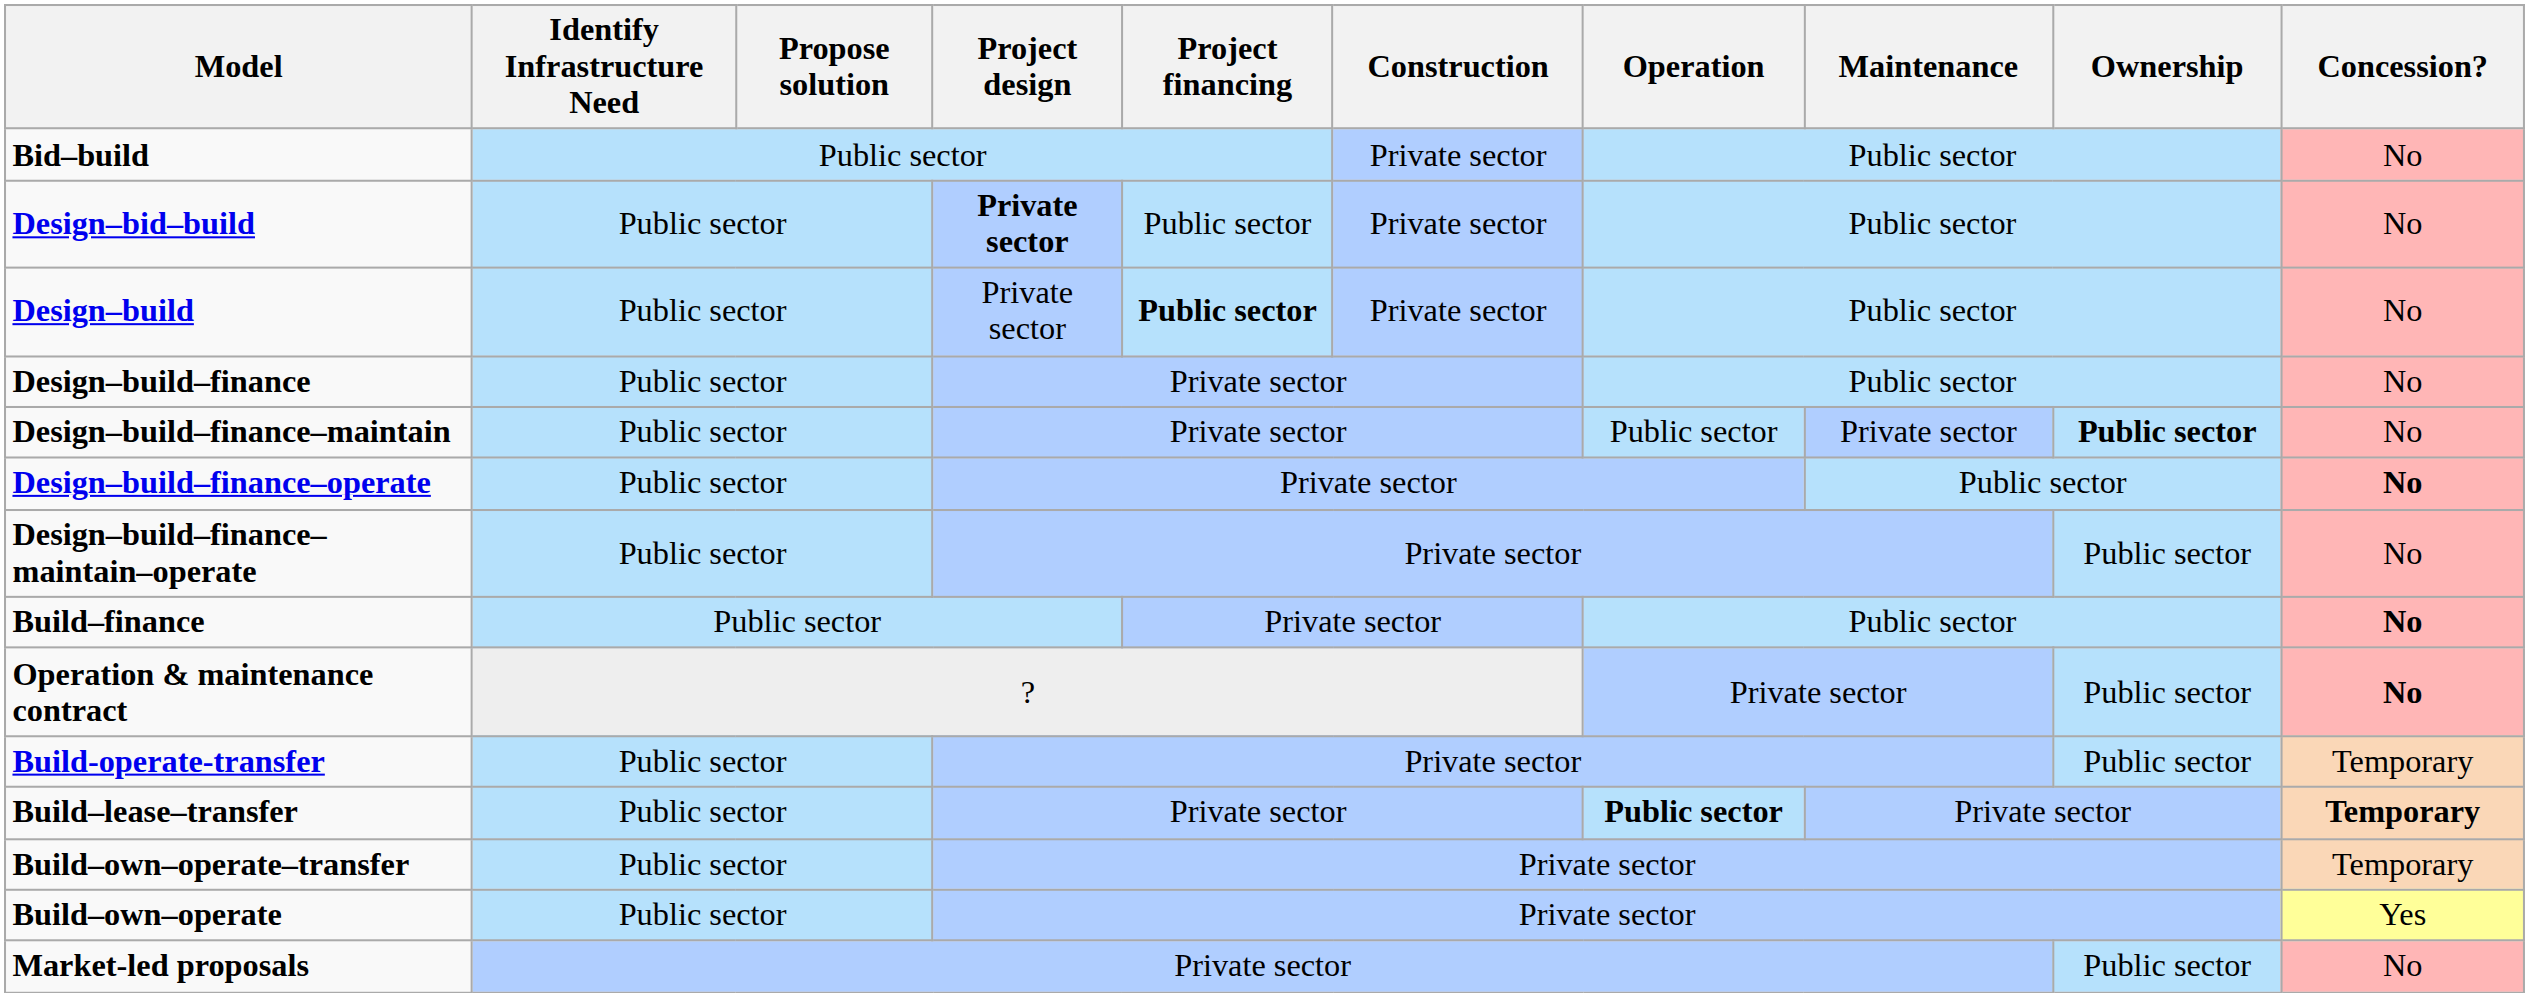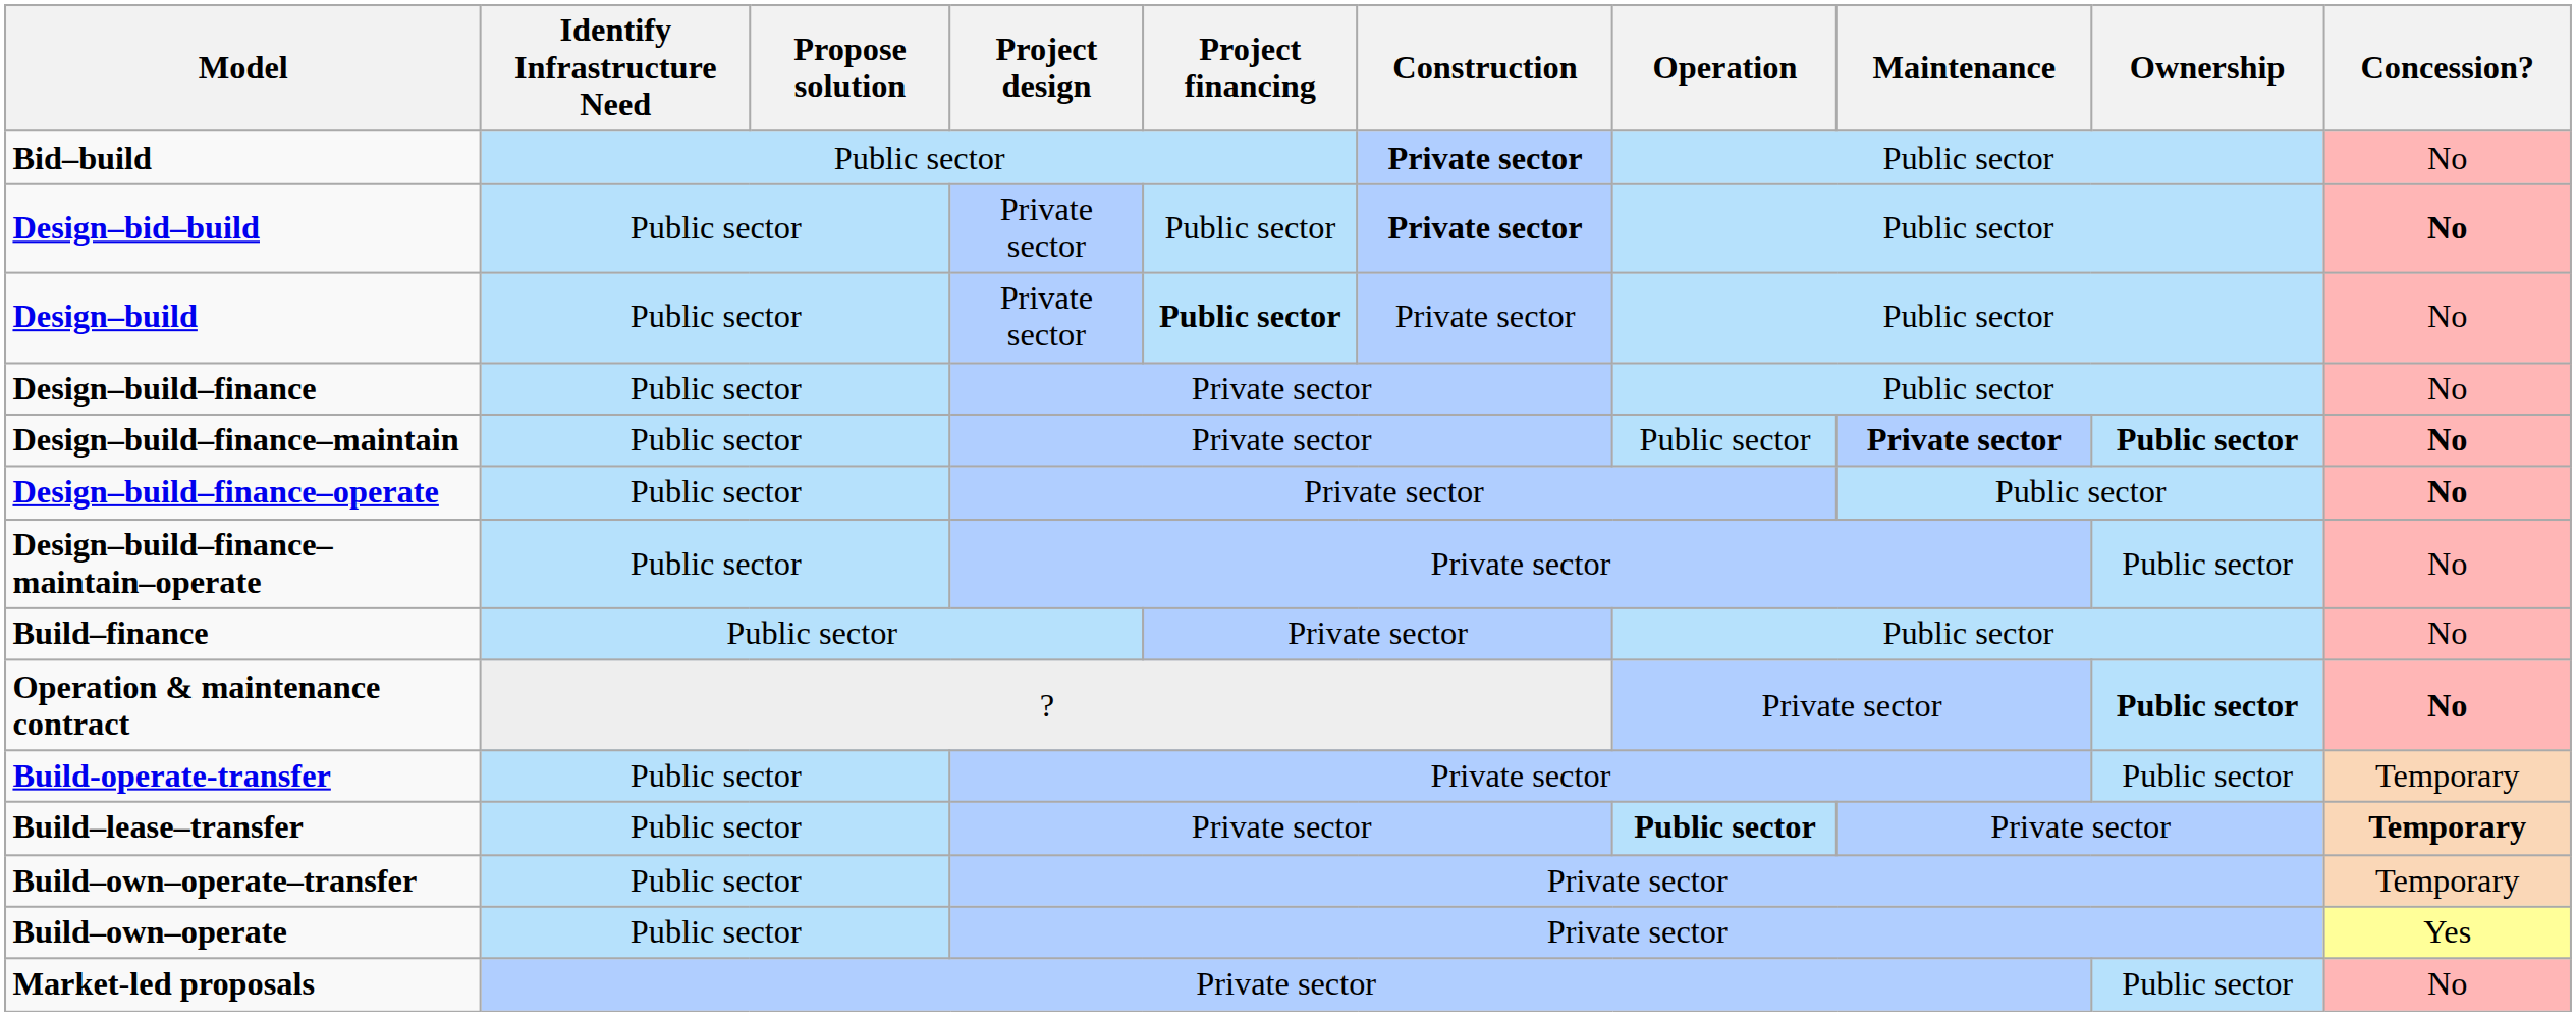 <table class="wikitable">
 <tr>
 <th style="width:650px;">Model</th>
 <th class="unsortable" style="width:200px;">Identify Infrastructure Need</th>
 <th class="unsortable" style="width:200px;">Propose solution</th>
 <th class="unsortable" style="width:200px;">Project design</th>
 <th class="unsortable" style="width:200px;">Project financing</th>
 <th class="unsortable" style="width:200px;">Construction</th>
 <th class="unsortable" style="width:200px;">Operation</th>
 <th class="unsortable" style="width:200px;">Maintenance</th>
 <th class="unsortable" style="width:200px;">Ownership</th>
 <th class="unsortable" style="width:200px;">Concession?</th>
 </tr>
 <tr>
 <td><strong>Bid–build</strong></td>
 <td colspan="4"  style="text-align:center; background:#b6e1fc;">Public sector</td>
-<td style="text-align:center; background:#b0ceff;">Private sector</td>
+<td style="text-align:center; background:#b0ceff;"><strong>Private sector</strong></td>
 <td colspan="3"  style="text-align:center; background:#b6e1fc;">Public sector</td>
 <td style="text-align:center; background:#ffb6b6;">No</td>
 </tr>
 <tr>
 <td><strong><a href='#'>Design–bid–build</a></strong></td>
 <td colspan="2"  style="text-align:center; background:#b6e1fc;">Public sector</td>
+<td style="text-align:center; background:#b0ceff;">Private sector</td>
+<td style="text-align:center; background:#b6e1fc;">Public sector</td>
 <td style="text-align:center; background:#b0ceff;"><strong>Private sector</strong></td>
-<td style="text-align:center; background:#b6e1fc;">Public sector</td>
-<td style="text-align:center; background:#b0ceff;">Private sector</td>
 <td colspan="3"  style="text-align:center; background:#b6e1fc;">Public sector</td>
-<td style="text-align:center; background:#ffb6b6;">No</td>
+<td style="text-align:center; background:#ffb6b6;"><strong>No</strong></td>
 </tr>
 <tr>
 <td><strong><a href='#'>Design–build</a></strong></td>
 <td colspan="2"  style="text-align:center; background:#b6e1fc;">Public sector</td>
 <td style="text-align:center; background:#b0ceff;">Private sector</td>
 <td style="text-align:center; background:#b6e1fc;"><strong>Public sector</strong></td>
 <td style="text-align:center; background:#b0ceff;">Private sector</td>
 <td colspan="3"  style="text-align:center; background:#b6e1fc;">Public sector</td>
 <td style="text-align:center; background:#ffb6b6;">No</td>
 </tr>
 <tr>
 <td><strong>Design–build–finance</strong></td>
 <td colspan="2"  style="text-align:center; background:#b6e1fc;">Public sector</td>
 <td colspan="3"  style="text-align:center; background:#b0ceff;">Private sector</td>
 <td colspan="3" style="text-align:center; background:#b6e1fc;">Public sector</td>
 <td style="text-align:center; background:#ffb6b6;">No</td>
 </tr>
 <tr>
 <td><strong>Design–build–finance–maintain</strong></td>
 <td colspan="2" style="text-align:center; background:#b6e1fc;">Public sector</td>
 <td colspan="3" style="text-align:center; background:#b0ceff;">Private sector</td>
 <td style="text-align:center; background:#b6e1fc;">Public sector</td>
-<td style="text-align:center; background:#b0ceff;">Private sector</td>
+<td style="text-align:center; background:#b0ceff;"><strong>Private sector</strong></td>
 <td style="text-align:center; background:#b6e1fc;"><strong>Public sector</strong></td>
-<td style="text-align:center; background:#ffb6b6;">No</td>
+<td style="text-align:center; background:#ffb6b6;"><strong>No</strong></td>
 </tr>
 <tr>
 <td><a href='#'><strong>Design–build–finance–operate</strong></a></td>
 <td colspan="2" style="text-align:center; background:#b6e1fc;">Public sector</td>
 <td colspan="4" style="text-align:center; background:#b0ceff;">Private sector</td>
 <td colspan="2" style="text-align:center; background:#b6e1fc;">Public sector</td>
 <td style="text-align:center; background:#ffb6b6;"><strong>No</strong></td>
 </tr>
 <tr>
 <td><strong>Design–build–finance–maintain–operate</strong></td>
 <td colspan="2"  style="text-align:center; background:#b6e1fc;">Public sector</td>
 <td colspan="5"  style="text-align:center; background:#b0ceff;">Private sector</td>
 <td style="text-align:center; background:#b6e1fc;">Public sector</td>
 <td style="text-align:center; background:#ffb6b6;">No</td>
 </tr>
 <tr>
 <td><strong>Build–finance</strong></td>
 <td colspan="3"  style="text-align:center; background:#b6e1fc;">Public sector</td>
 <td colspan="2"  style="text-align:center; background:#b0ceff;">Private sector</td>
 <td colspan="3"  style="text-align:center; background:#b6e1fc;">Public sector</td>
-<td style="text-align:center; background:#ffb6b6;"><strong>No</strong></td>
+<td style="text-align:center; background:#ffb6b6;">No</td>
 </tr>
 <tr>
 <td><strong>Operation & maintenance contract</strong></td>
 <td colspan="5"  style="text-align:center; background:#EEEEEE;">?</td>
 <td colspan="2"  style="text-align:center; background:#b0ceff;">Private sector</td>
-<td style="text-align:center; background:#b6e1fc;">Public sector</td>
+<td style="text-align:center; background:#b6e1fc;"><strong>Public sector</strong></td>
 <td style="text-align:center; background:#ffb6b6;"><strong>No</strong></td>
 </tr>
 <tr>
 <td><strong><a href='#'>Build-operate-transfer</a></strong></td>
 <td colspan="2"  style="text-align:center; background:#b6e1fc;">Public sector</td>
 <td colspan="5"  style="text-align:center; background:#b0ceff;">Private sector</td>
 <td style="text-align:center; background:#b6e1fc;">Public sector</td>
 <td style="text-align:center; background:#fad7b7;">Temporary</td>
 </tr>
 <tr>
 <td><strong>Build–lease–transfer</strong></td>
 <td colspan="2"  style="text-align:center; background:#b6e1fc;">Public sector</td>
 <td colspan="3"  style="text-align:center; background:#b0ceff;">Private sector</td>
 <td style="text-align:center; background:#b6e1fc;"><strong>Public sector</strong></td>
 <td colspan="2"  style="text-align:center; background:#b0ceff;">Private sector</td>
 <td style="text-align:center; background:#fad7b7;"><strong>Temporary</strong></td>
 </tr>
 <tr>
 <td><strong>Build–own–operate–transfer</strong></td>
 <td colspan="2"  style="text-align:center; background:#b6e1fc;">Public sector</td>
 <td colspan="6"  style="text-align:center; background:#b0ceff;">Private sector</td>
 <td style="text-align:center; background:#fad7b7;">Temporary</td>
 </tr>
 <tr>
 <td><strong>Build–own–operate</strong></td>
 <td colspan="2" style="text-align:center; background:#b6e1fc;">Public sector</td>
 <td colspan="6" style="text-align:center; background:#b0ceff;">Private sector</td>
 <td style="text-align:center; background:#ffff99;">Yes</td>
 </tr>
 <tr>
 <td><strong>Market-led proposals</strong></td>
 <td colspan="7"  style="text-align:center; background:#b0ceff;">Private sector</td>
 <td style="text-align:center; background:#b6e1fc;">Public sector</td>
 <td style="text-align:center; background:#ffb6b6;">No</td>
 </tr>
 </table>
